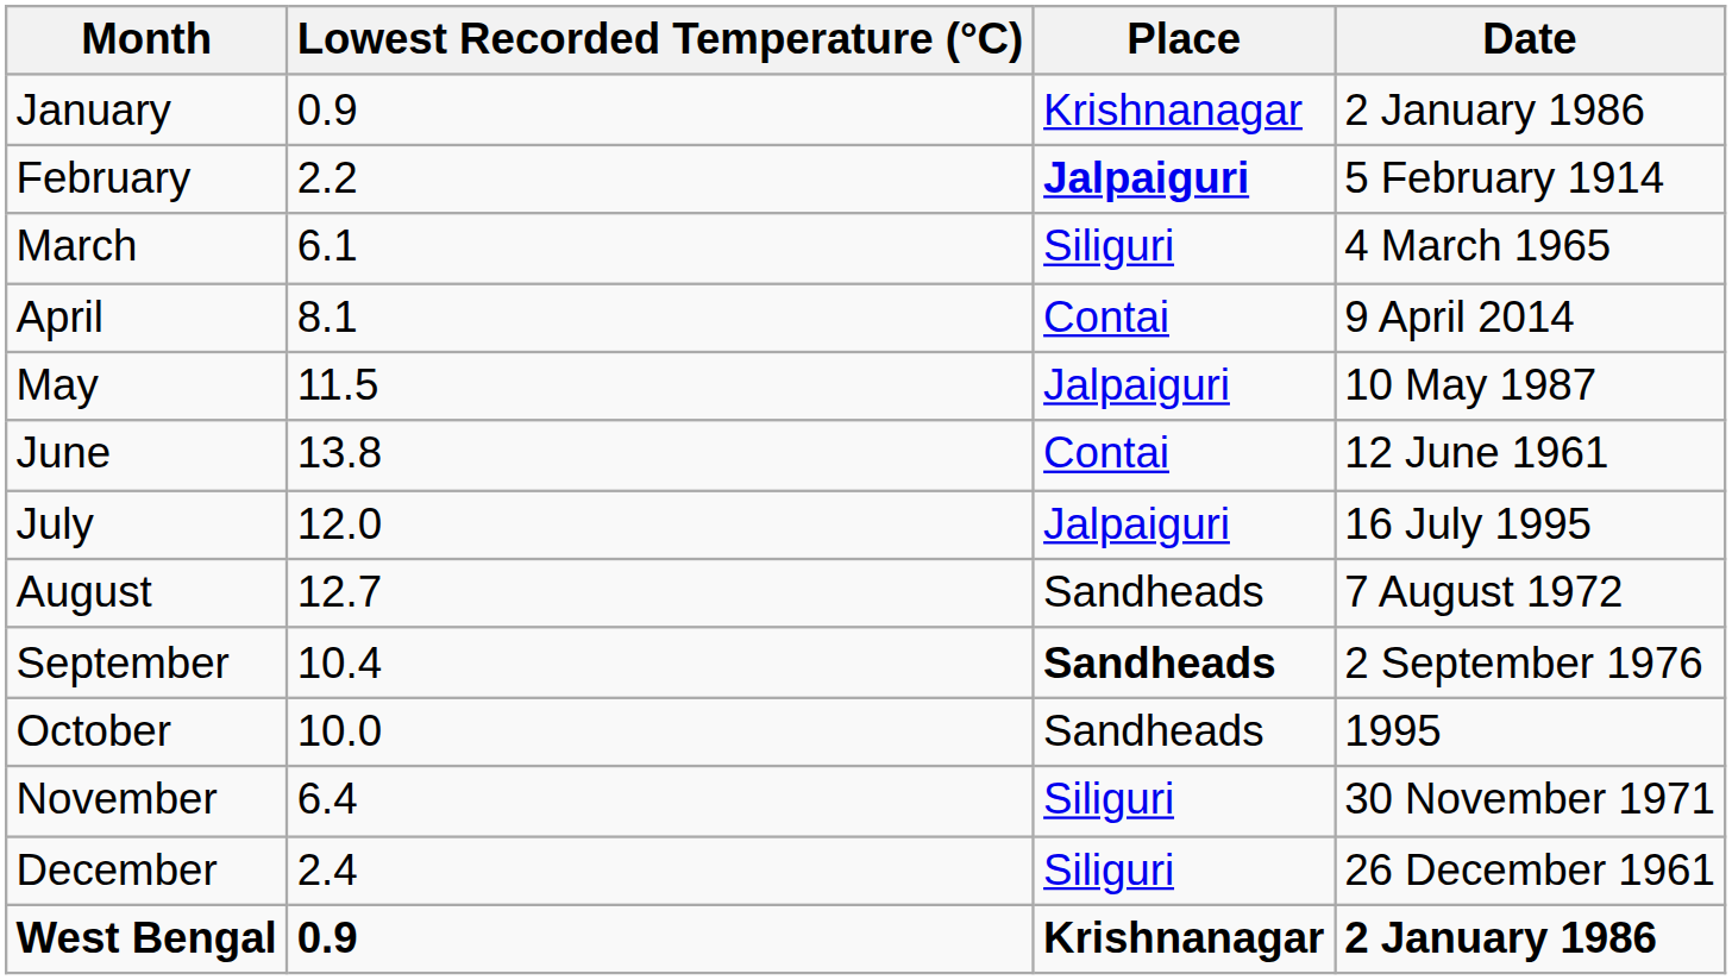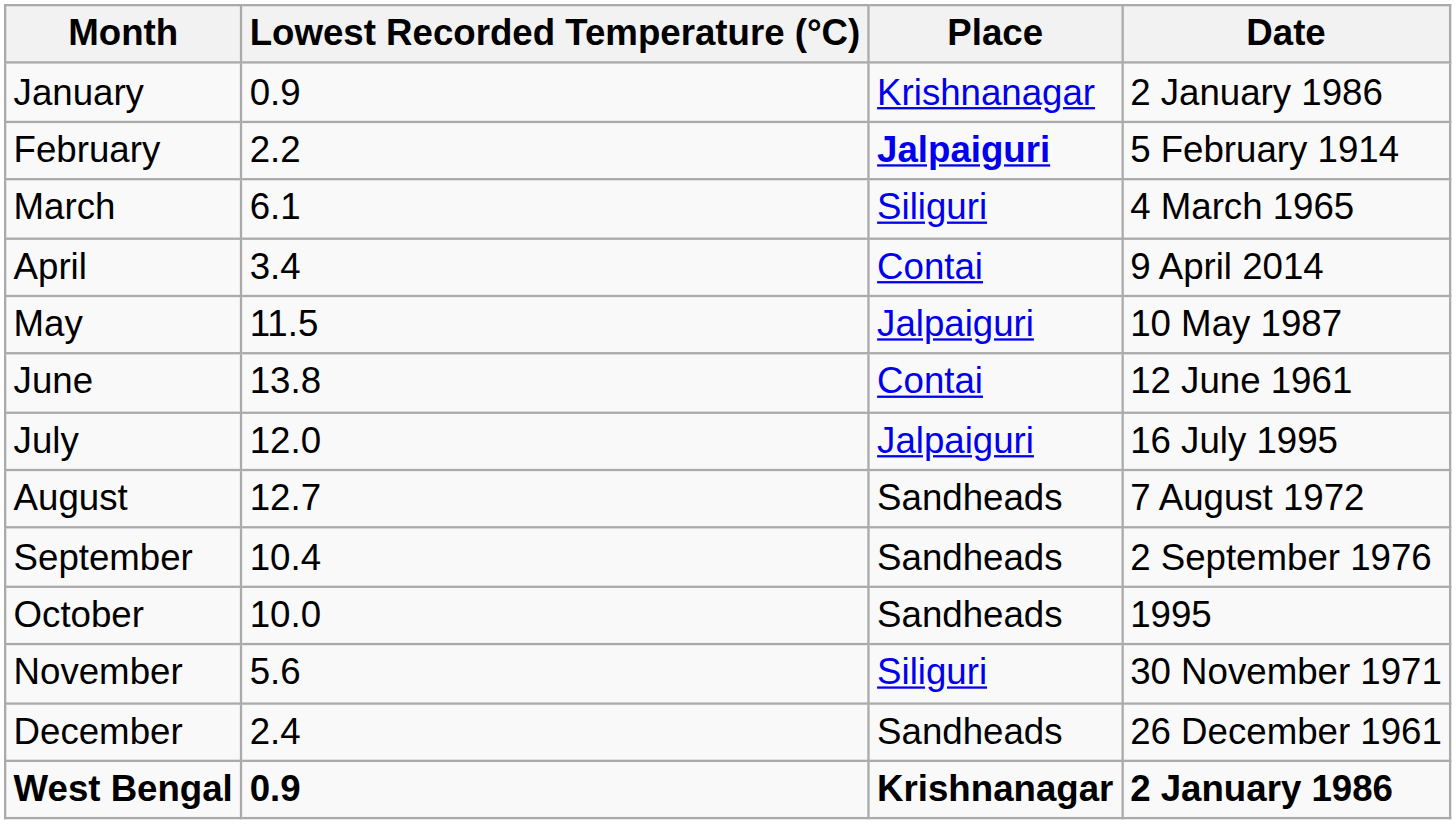 <table class="wikitable">
 <tr>
 <th>Month</th>
 <th>Lowest Recorded Temperature (°C)</th>
 <th>Place</th>
 <th>Date</th>
 </tr>
 <tr>
 <td>January</td>
 <td>0.9</td>
 <td><a href='#'>Krishnanagar</a></td>
 <td>2 January 1986</td>
 </tr>
 <tr>
 <td>February</td>
 <td>2.2</td>
 <td><strong><a href='#'>Jalpaiguri</a></strong></td>
 <td>5 February 1914</td>
 </tr>
 <tr>
 <td>March</td>
 <td>6.1</td>
 <td><a href='#'>Siliguri</a></td>
 <td>4 March 1965</td>
 </tr>
 <tr>
 <td>April</td>
-<td>8.1</td>
+<td>3.4</td>
 <td><a href='#'>Contai</a></td>
 <td>9 April 2014</td>
 </tr>
 <tr>
 <td>May</td>
 <td>11.5</td>
 <td><a href='#'>Jalpaiguri</a></td>
 <td>10 May 1987</td>
 </tr>
 <tr>
 <td>June</td>
 <td>13.8</td>
 <td><a href='#'>Contai</a></td>
 <td>12 June 1961</td>
 </tr>
 <tr>
 <td>July</td>
 <td>12.0</td>
 <td><a href='#'>Jalpaiguri</a></td>
 <td>16 July 1995</td>
 </tr>
 <tr>
 <td>August</td>
 <td>12.7</td>
 <td>Sandheads</td>
 <td>7 August 1972</td>
 </tr>
 <tr>
 <td>September</td>
 <td>10.4</td>
-<td><strong>Sandheads</strong></td>
+<td>Sandheads</td>
 <td>2 September 1976</td>
 </tr>
 <tr>
 <td>October</td>
 <td>10.0</td>
 <td>Sandheads</td>
 <td>1995</td>
 </tr>
 <tr>
 <td>November</td>
-<td>6.4</td>
+<td>5.6</td>
 <td><a href='#'>Siliguri</a></td>
 <td>30 November 1971</td>
 </tr>
 <tr>
 <td>December</td>
 <td>2.4</td>
-<td><a href='#'>Siliguri</a></td>
+<td>Sandheads</td>
 <td>26 December 1961</td>
 </tr>
 <tr>
 <td><strong>West Bengal</strong></td>
 <td><strong>0.9</strong></td>
 <td><strong>Krishnanagar</strong></td>
 <td><strong>2 January 1986</strong></td>
 </tr>
 </table>
